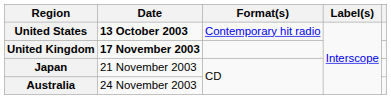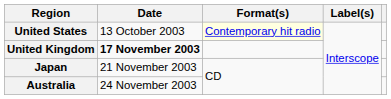 <table class="wikitable plainrowheaders">
 <tr>
 <th scope="col">Region</th>
 <th scope="col">Date</th>
 <th scope="col">Format(s)</th>
 <th scope="col">Label(s)</th>
 <th scope="col"></th>
 </tr>
 <tr>
 <th scope="row">United States</th>
-<td><strong>13 October 2003</strong></td>
-<td><a href='#'>Contemporary hit radio</a></td>
+<td>13 October 2003</td>
+<td style="background: lightyellow;"><a href='#'>Contemporary hit radio</a></td>
 <td rowspan="4"><a href='#'>Interscope</a></td>
 <td></td>
 </tr>
 <tr>
 <th scope="row">United Kingdom</th>
 <td><strong>17 November 2003</strong></td>
 <td></td>
 <td></td>
 </tr>
 <tr>
 <th scope="row">Japan</th>
 <td>21 November 2003</td>
 <td rowspan="2">CD</td>
 <td></td>
 </tr>
 <tr>
 <th scope="row">Australia</th>
 <td>24 November 2003</td>
 <td></td>
 </tr>
 </table>
